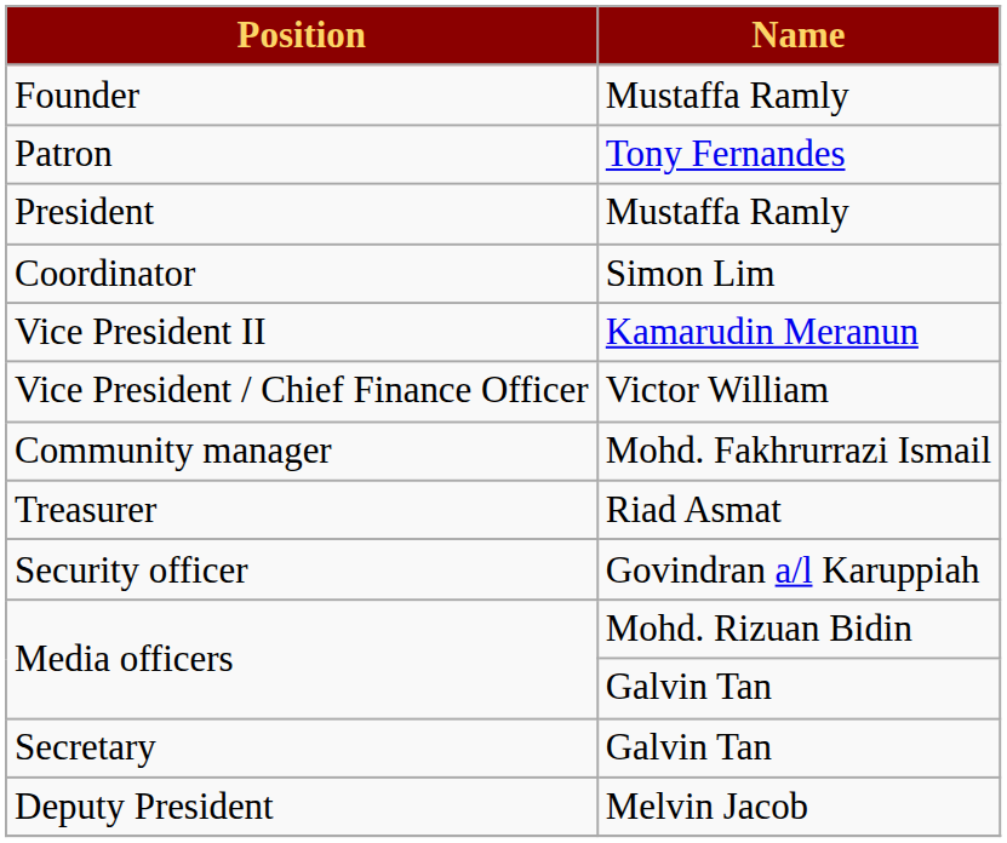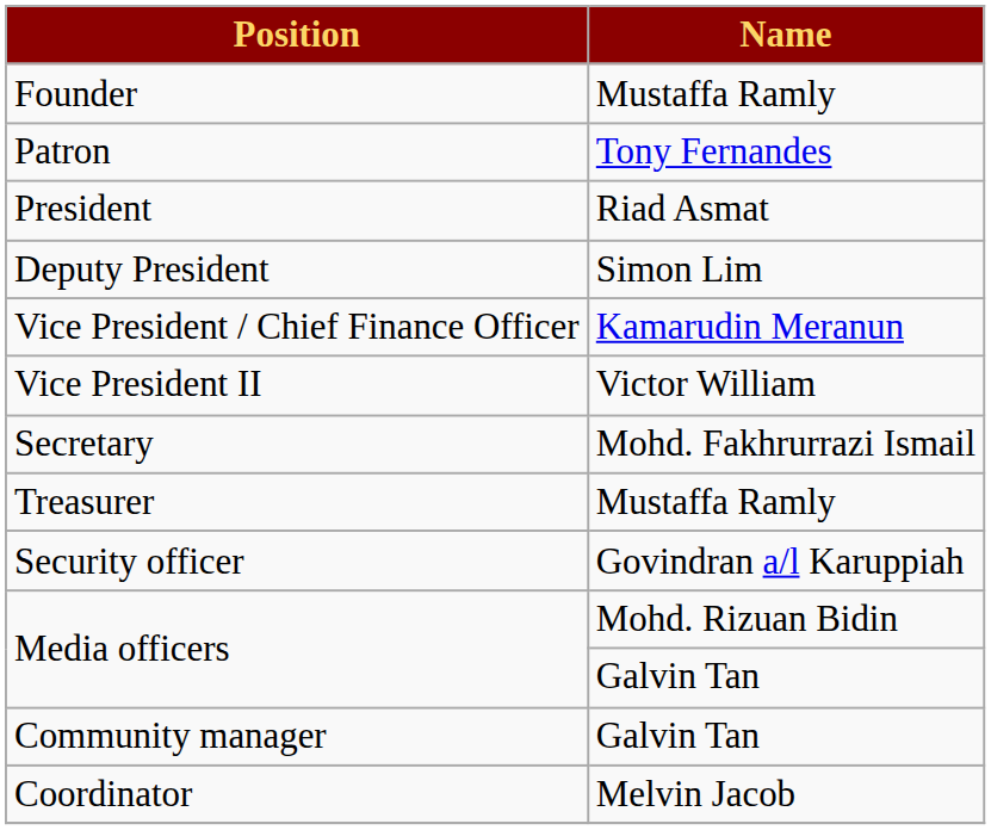 <table class="wikitable">
 <tr>
 <th style="color:#FCD667; background:#8B0000;">Position</th>
 <th style="color:#FCD667; background:#8B0000;">Name</th>
 </tr>
 <tr>
 <td>Founder</td>
 <td> Mustaffa Ramly</td>
 </tr>
 <tr>
 <td>Patron</td>
 <td> <a href='#'>Tony Fernandes</a></td>
 </tr>
 <tr>
 <td>President</td>
-<td> Mustaffa Ramly</td>
+<td> Riad Asmat</td>
 </tr>
 <tr>
-<td>Coordinator</td>
+<td>Deputy President</td>
 <td> Simon Lim</td>
 </tr>
 <tr>
-<td>Vice President II</td>
+<td>Vice President / Chief Finance Officer</td>
 <td> <a href='#'>Kamarudin Meranun</a></td>
 </tr>
 <tr>
-<td>Vice President / Chief Finance Officer</td>
+<td>Vice President II</td>
 <td> Victor William</td>
 </tr>
 <tr>
-<td>Community manager</td>
+<td>Secretary</td>
 <td> Mohd. Fakhrurrazi Ismail</td>
 </tr>
 <tr>
 <td>Treasurer</td>
-<td> Riad Asmat</td>
+<td> Mustaffa Ramly</td>
 </tr>
 <tr>
 <td>Security officer</td>
 <td> Govindran <a href='#'>a/l</a> Karuppiah</td>
 </tr>
 <tr>
 <td rowspan="2">Media officers</td>
 <td> Mohd. Rizuan Bidin</td>
 </tr>
 <tr>
 <td> Galvin Tan</td>
 </tr>
 <tr>
-<td>Secretary</td>
+<td>Community manager</td>
 <td> Galvin Tan</td>
 </tr>
 <tr>
-<td>Deputy President</td>
+<td>Coordinator</td>
 <td> Melvin Jacob</td>
 </tr>
 <tr>
 </tr>
 </table>
